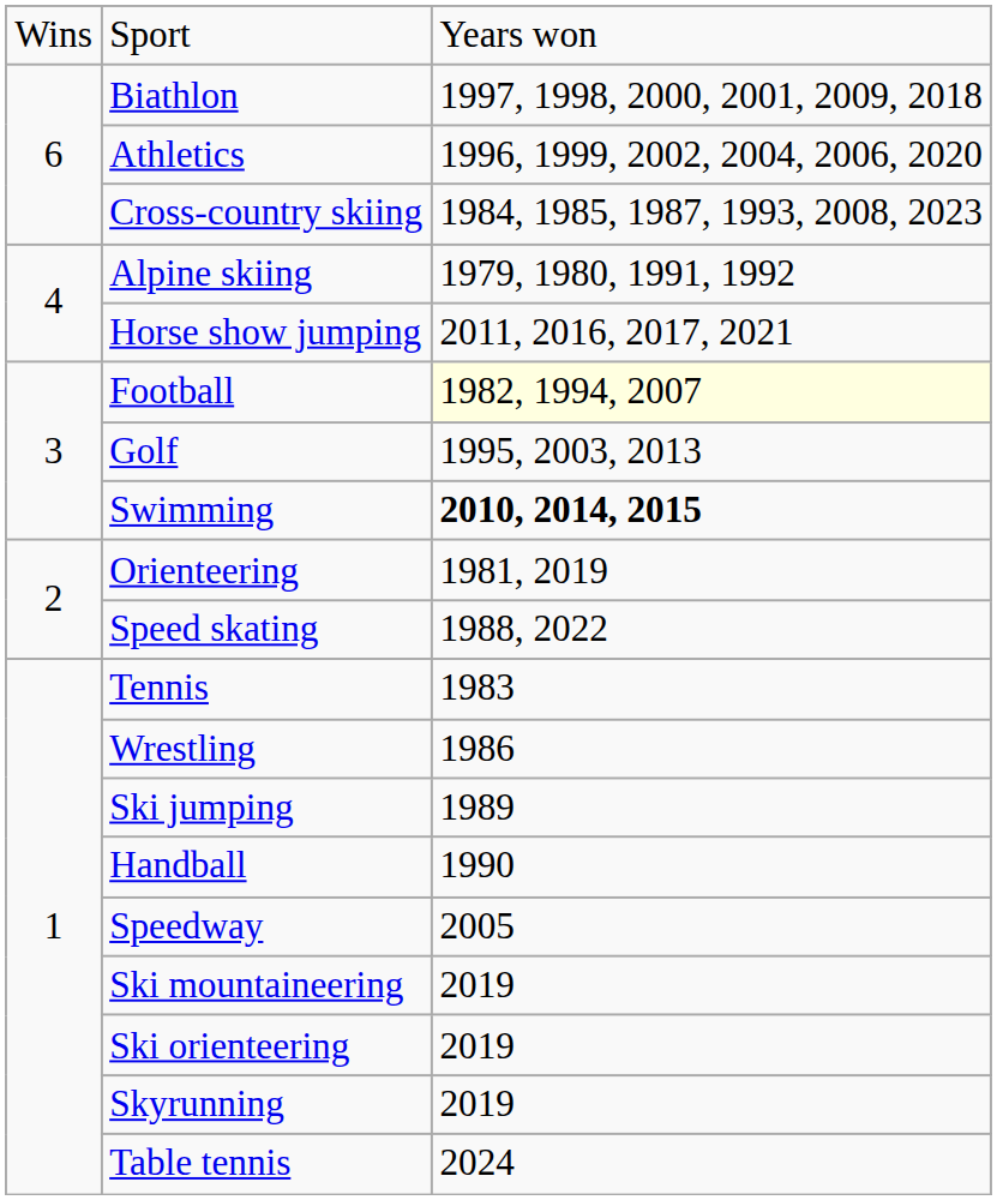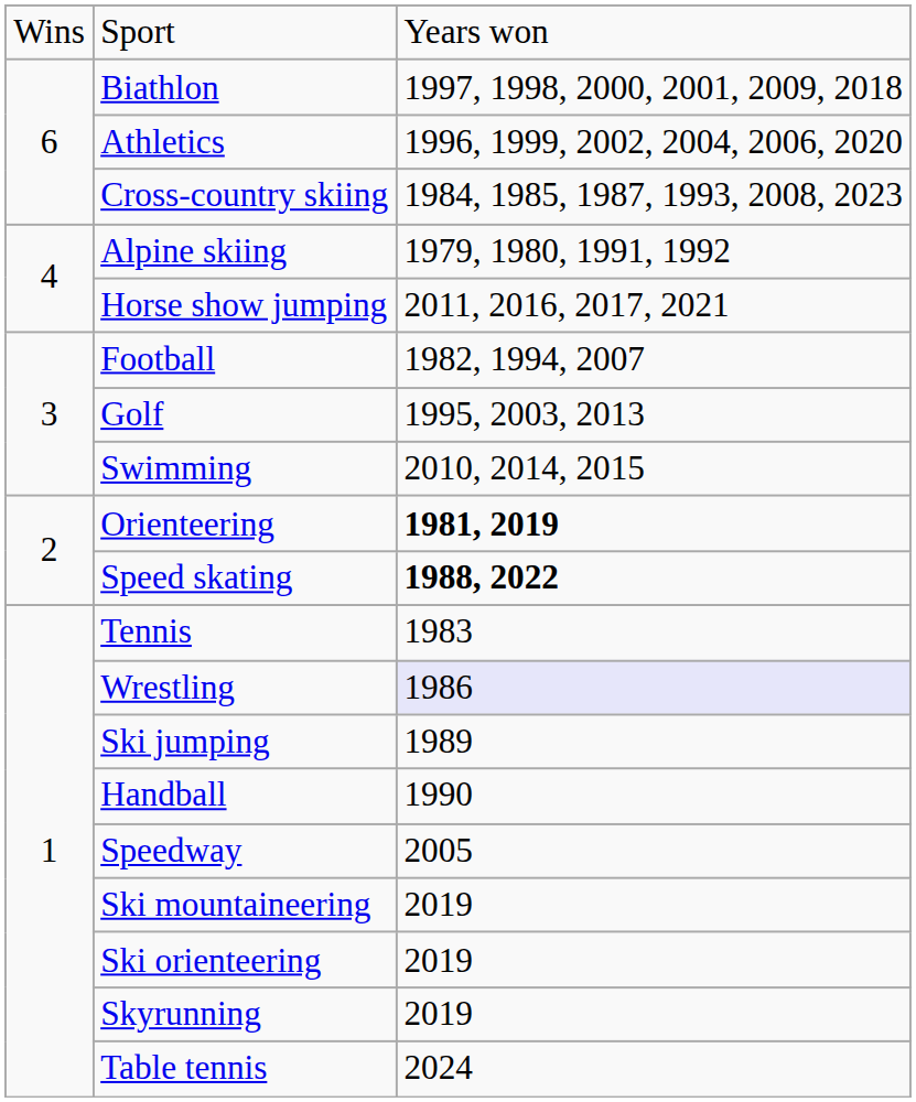 <table class="wikitable">
 <tr>
 <td>Wins</td>
 <td>Sport</td>
 <td>Years won</td>
 </tr>
 <tr>
 <td align=center rowspan=3>6</td>
 <td><a href='#'>Biathlon</a></td>
 <td>1997, 1998, 2000, 2001, 2009, 2018</td>
 </tr>
 <tr>
 <td><a href='#'>Athletics</a></td>
 <td>1996, 1999, 2002, 2004, 2006, 2020</td>
 </tr>
 <tr>
 <td><a href='#'>Cross-country skiing</a></td>
 <td>1984, 1985, 1987, 1993, 2008, 2023</td>
 </tr>
 <tr>
 <td align=center rowspan=2>4</td>
 <td><a href='#'>Alpine skiing</a></td>
 <td>1979, 1980, 1991, 1992</td>
 </tr>
 <tr>
 <td><a href='#'>Horse show jumping</a></td>
 <td>2011, 2016, 2017, 2021</td>
 </tr>
 <tr>
 <td align=center rowspan=3>3</td>
 <td><a href='#'>Football</a></td>
-<td style="background: lightyellow;">1982, 1994, 2007</td>
+<td>1982, 1994, 2007</td>
 </tr>
 <tr>
 <td><a href='#'>Golf</a></td>
 <td>1995, 2003, 2013</td>
 </tr>
 <tr>
 <td><a href='#'>Swimming</a></td>
-<td><strong>2010, 2014, 2015</strong></td>
+<td>2010, 2014, 2015</td>
 </tr>
 <tr>
 <td align=center rowspan=2>2</td>
 <td><a href='#'>Orienteering</a></td>
-<td>1981, 2019</td>
+<td><strong>1981, 2019</strong></td>
 </tr>
 <tr>
 <td><a href='#'>Speed skating</a></td>
-<td>1988, 2022</td>
+<td><strong>1988, 2022</strong></td>
 </tr>
 <tr>
 <td align=center rowspan=9>1</td>
 <td><a href='#'>Tennis</a></td>
 <td>1983</td>
 </tr>
 <tr>
 <td><a href='#'>Wrestling</a></td>
-<td>1986</td>
+<td style="background: lavender;">1986</td>
 </tr>
 <tr>
 <td><a href='#'>Ski jumping</a></td>
 <td>1989</td>
 </tr>
 <tr>
 <td><a href='#'>Handball</a></td>
 <td>1990</td>
 </tr>
 <tr>
 <td><a href='#'>Speedway</a></td>
 <td>2005</td>
 </tr>
 <tr>
 <td><a href='#'>Ski mountaineering</a></td>
 <td>2019</td>
 </tr>
 <tr>
 <td><a href='#'>Ski orienteering</a></td>
 <td>2019</td>
 </tr>
 <tr>
 <td><a href='#'>Skyrunning</a></td>
 <td>2019</td>
 </tr>
 <tr>
 <td><a href='#'>Table tennis</a></td>
 <td>2024</td>
 </tr>
 </table>
